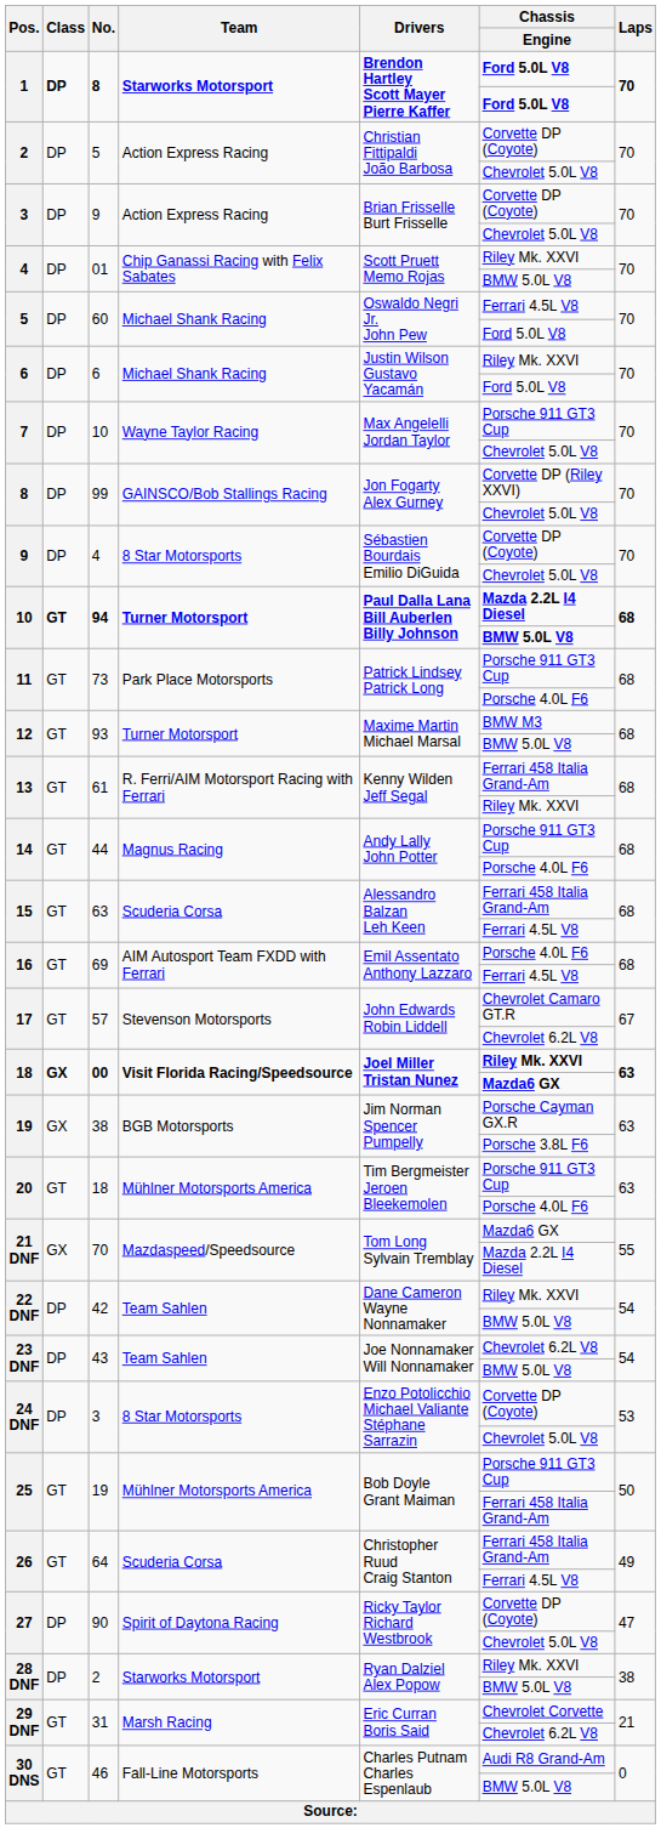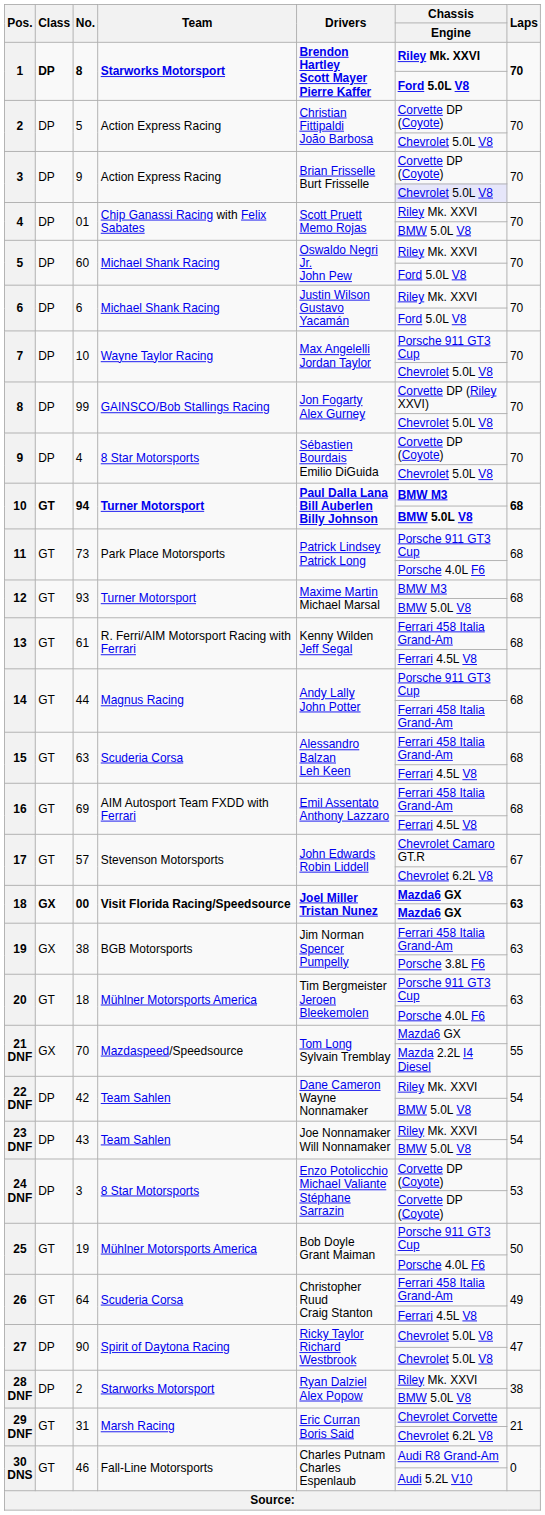 <table class="wikitable" style="font-size: 85%;">
 <tr>
 <th rowspan="2">Pos.</th>
 <th rowspan="2">Class</th>
 <th rowspan="2">No.</th>
 <th rowspan="2">Team</th>
 <th rowspan="2">Drivers</th>
 <th>Chassis</th>
 <th rowspan="2">Laps</th>
 </tr>
 <tr>
 <th>Engine</th>
 </tr>
 <tr>
 <th rowspan="2">1</th>
 <td rowspan="2"><strong>DP</strong></td>
 <td rowspan="2"><strong>8</strong></td>
 <td rowspan="2"><strong> <a href='#'>Starworks Motorsport</a></strong></td>
 <td rowspan="2"><strong> <a href='#'>Brendon Hartley</a><br> <a href='#'>Scott Mayer</a><br> <a href='#'>Pierre Kaffer</a></strong></td>
-<td><strong><a href='#'>Ford</a> 5.0L <a href='#'>V8</a></strong></td>
+<td><strong><a href='#'>Riley</a> Mk. XXVI</strong></td>
 <td rowspan="2"><strong>70</strong></td>
 </tr>
 <tr>
 <td><strong><a href='#'>Ford</a> 5.0L <a href='#'>V8</a></strong></td>
 </tr>
 <tr>
 <th rowspan="2">2</th>
 <td rowspan="2">DP</td>
 <td rowspan="2">5</td>
 <td rowspan="2"> Action Express Racing</td>
 <td rowspan="2"> <a href='#'>Christian Fittipaldi</a><br> <a href='#'>João Barbosa</a></td>
 <td><a href='#'>Corvette</a> DP (<a href='#'>Coyote</a>)</td>
 <td rowspan="2">70</td>
 </tr>
 <tr>
 <td><a href='#'>Chevrolet</a> 5.0L <a href='#'>V8</a></td>
 </tr>
 <tr>
 <th rowspan="2">3</th>
 <td rowspan="2">DP</td>
 <td rowspan="2">9</td>
 <td rowspan="2"> Action Express Racing</td>
 <td rowspan="2"> <a href='#'>Brian Frisselle</a><br> Burt Frisselle</td>
 <td><a href='#'>Corvette</a> DP (<a href='#'>Coyote</a>)</td>
 <td rowspan="2">70</td>
 </tr>
 <tr>
-<td><a href='#'>Chevrolet</a> 5.0L <a href='#'>V8</a></td>
+<td style="background: lavender;"><a href='#'>Chevrolet</a> 5.0L <a href='#'>V8</a></td>
 </tr>
 <tr>
 <th rowspan="2">4</th>
 <td rowspan="2">DP</td>
 <td rowspan="2">01</td>
 <td rowspan="2"> <a href='#'>Chip Ganassi Racing</a> with <a href='#'>Felix Sabates</a></td>
 <td rowspan="2"> <a href='#'>Scott Pruett</a><br> <a href='#'>Memo Rojas</a></td>
 <td><a href='#'>Riley</a> Mk. XXVI</td>
 <td rowspan="2">70</td>
 </tr>
 <tr>
 <td><a href='#'>BMW</a> 5.0L <a href='#'>V8</a></td>
 </tr>
 <tr>
 <th rowspan="2">5</th>
 <td rowspan="2">DP</td>
 <td rowspan="2">60</td>
 <td rowspan="2"> <a href='#'>Michael Shank Racing</a></td>
 <td rowspan="2"> <a href='#'>Oswaldo Negri Jr.</a><br> <a href='#'>John Pew</a></td>
-<td><a href='#'>Ferrari</a> 4.5L <a href='#'>V8</a></td>
+<td><a href='#'>Riley</a> Mk. XXVI</td>
 <td rowspan="2">70</td>
 </tr>
 <tr>
 <td><a href='#'>Ford</a> 5.0L <a href='#'>V8</a></td>
 </tr>
 <tr>
 <th rowspan="2">6</th>
 <td rowspan="2">DP</td>
 <td rowspan="2">6</td>
 <td rowspan="2"> <a href='#'>Michael Shank Racing</a></td>
 <td rowspan="2"> <a href='#'>Justin Wilson</a><br> <a href='#'>Gustavo Yacamán</a></td>
 <td><a href='#'>Riley</a> Mk. XXVI</td>
 <td rowspan="2">70</td>
 </tr>
 <tr>
 <td><a href='#'>Ford</a> 5.0L <a href='#'>V8</a></td>
 </tr>
 <tr>
 <th rowspan="2">7</th>
 <td rowspan="2">DP</td>
 <td rowspan="2">10</td>
 <td rowspan="2"> <a href='#'>Wayne Taylor Racing</a></td>
 <td rowspan="2"> <a href='#'>Max Angelelli</a><br> <a href='#'>Jordan Taylor</a></td>
 <td><a href='#'>Porsche 911 GT3 Cup</a></td>
 <td rowspan="2">70</td>
 </tr>
 <tr>
 <td><a href='#'>Chevrolet</a> 5.0L <a href='#'>V8</a></td>
 </tr>
 <tr>
 <th rowspan="2">8</th>
 <td rowspan="2">DP</td>
 <td rowspan="2">99</td>
 <td rowspan="2"> <a href='#'>GAINSCO/Bob Stallings Racing</a></td>
 <td rowspan="2"> <a href='#'>Jon Fogarty</a><br> <a href='#'>Alex Gurney</a></td>
 <td><a href='#'>Corvette</a> DP (<a href='#'>Riley</a> XXVI)</td>
 <td rowspan="2">70</td>
 </tr>
 <tr>
 <td><a href='#'>Chevrolet</a> 5.0L <a href='#'>V8</a></td>
 </tr>
 <tr>
 <th rowspan="2">9</th>
 <td rowspan="2">DP</td>
 <td rowspan="2">4</td>
 <td rowspan="2"> <a href='#'>8 Star Motorsports</a></td>
 <td rowspan="2"> <a href='#'>Sébastien Bourdais</a><br> Emilio DiGuida</td>
 <td><a href='#'>Corvette</a> DP (<a href='#'>Coyote</a>)</td>
 <td rowspan="2">70</td>
 </tr>
 <tr>
 <td><a href='#'>Chevrolet</a> 5.0L <a href='#'>V8</a></td>
 </tr>
 <tr>
 <th rowspan="2">10</th>
 <td rowspan="2"><strong>GT</strong></td>
 <td rowspan="2"><strong>94</strong></td>
 <td rowspan="2"><strong> <a href='#'>Turner Motorsport</a></strong></td>
 <td rowspan="2"><strong> <a href='#'>Paul Dalla Lana</a><br> <a href='#'>Bill Auberlen</a><br> <a href='#'>Billy Johnson</a></strong></td>
-<td><strong><a href='#'>Mazda</a> 2.2L <a href='#'>I4</a> <a href='#'>Diesel</a></strong></td>
+<td><strong><a href='#'>BMW M3</a></strong></td>
 <td rowspan="2"><strong>68</strong></td>
 </tr>
 <tr>
 <td><strong><a href='#'>BMW</a> 5.0L <a href='#'>V8</a></strong></td>
 </tr>
 <tr>
 <th rowspan="2">11</th>
 <td rowspan="2">GT</td>
 <td rowspan="2">73</td>
 <td rowspan="2"> Park Place Motorsports</td>
 <td rowspan="2"> <a href='#'>Patrick Lindsey</a><br> <a href='#'>Patrick Long</a></td>
 <td><a href='#'>Porsche 911 GT3 Cup</a></td>
 <td rowspan="2">68</td>
 </tr>
 <tr>
 <td><a href='#'>Porsche</a> 4.0L <a href='#'>F6</a></td>
 </tr>
 <tr>
 <th rowspan="2">12</th>
 <td rowspan="2">GT</td>
 <td rowspan="2">93</td>
 <td rowspan="2"> <a href='#'>Turner Motorsport</a></td>
 <td rowspan="2"> <a href='#'>Maxime Martin</a><br> Michael Marsal</td>
 <td><a href='#'>BMW M3</a></td>
 <td rowspan="2">68</td>
 </tr>
 <tr>
 <td><a href='#'>BMW</a> 5.0L <a href='#'>V8</a></td>
 </tr>
 <tr>
 <th rowspan="2">13</th>
 <td rowspan="2">GT</td>
 <td rowspan="2">61</td>
 <td rowspan="2"> R. Ferri/AIM Motorsport Racing with <a href='#'>Ferrari</a></td>
 <td rowspan="2"> Kenny Wilden<br> <a href='#'>Jeff Segal</a></td>
 <td><a href='#'>Ferrari 458 Italia Grand-Am</a></td>
 <td rowspan="2">68</td>
 </tr>
 <tr>
-<td><a href='#'>Riley</a> Mk. XXVI</td>
+<td><a href='#'>Ferrari</a> 4.5L <a href='#'>V8</a></td>
 </tr>
 <tr>
 <th rowspan="2">14</th>
 <td rowspan="2">GT</td>
 <td rowspan="2">44</td>
 <td rowspan="2"> <a href='#'>Magnus Racing</a></td>
 <td rowspan="2"> <a href='#'>Andy Lally</a><br> <a href='#'>John Potter</a></td>
 <td><a href='#'>Porsche 911 GT3 Cup</a></td>
 <td rowspan="2">68</td>
 </tr>
 <tr>
-<td><a href='#'>Porsche</a> 4.0L <a href='#'>F6</a></td>
+<td><a href='#'>Ferrari 458 Italia Grand-Am</a></td>
 </tr>
 <tr>
 <th rowspan="2">15</th>
 <td rowspan="2">GT</td>
 <td rowspan="2">63</td>
 <td rowspan="2"> <a href='#'>Scuderia Corsa</a></td>
 <td rowspan="2"> <a href='#'>Alessandro Balzan</a><br> <a href='#'>Leh Keen</a></td>
 <td><a href='#'>Ferrari 458 Italia Grand-Am</a></td>
 <td rowspan="2">68</td>
 </tr>
 <tr>
 <td><a href='#'>Ferrari</a> 4.5L <a href='#'>V8</a></td>
 </tr>
 <tr>
 <th rowspan="2">16</th>
 <td rowspan="2">GT</td>
 <td rowspan="2">69</td>
 <td rowspan="2"> AIM Autosport Team FXDD with <a href='#'>Ferrari</a></td>
 <td rowspan="2"> <a href='#'>Emil Assentato</a><br> <a href='#'>Anthony Lazzaro</a></td>
-<td><a href='#'>Porsche</a> 4.0L <a href='#'>F6</a></td>
+<td><a href='#'>Ferrari 458 Italia Grand-Am</a></td>
 <td rowspan="2">68</td>
 </tr>
 <tr>
 <td><a href='#'>Ferrari</a> 4.5L <a href='#'>V8</a></td>
 </tr>
 <tr>
 <th rowspan="2">17</th>
 <td rowspan="2">GT</td>
 <td rowspan="2">57</td>
 <td rowspan="2"> Stevenson Motorsports</td>
 <td rowspan="2"> <a href='#'>John Edwards</a><br> <a href='#'>Robin Liddell</a></td>
 <td><a href='#'>Chevrolet Camaro</a> GT.R</td>
 <td rowspan="2">67</td>
 </tr>
 <tr>
 <td><a href='#'>Chevrolet</a> 6.2L <a href='#'>V8</a></td>
 </tr>
 <tr>
 <th rowspan="2">18</th>
 <td rowspan="2"><strong>GX</strong></td>
 <td rowspan="2"><strong>00</strong></td>
 <td rowspan="2"><strong> Visit Florida Racing/Speedsource</strong></td>
 <td rowspan="2"><strong> <a href='#'>Joel Miller</a><br> <a href='#'>Tristan Nunez</a></strong></td>
-<td><strong><a href='#'>Riley</a> Mk. XXVI</strong></td>
+<td><strong><a href='#'>Mazda6</a> GX</strong></td>
 <td rowspan="2"><strong>63</strong></td>
 </tr>
 <tr>
 <td><strong><a href='#'>Mazda6</a> GX</strong></td>
 </tr>
 <tr>
 <th rowspan="2">19</th>
 <td rowspan="2">GX</td>
 <td rowspan="2">38</td>
 <td rowspan="2"> BGB Motorsports</td>
 <td rowspan="2"> Jim Norman<br> <a href='#'>Spencer Pumpelly</a></td>
-<td><a href='#'>Porsche Cayman</a> GX.R</td>
+<td><a href='#'>Ferrari 458 Italia Grand-Am</a></td>
 <td rowspan="2">63</td>
 </tr>
 <tr>
 <td><a href='#'>Porsche</a> 3.8L <a href='#'>F6</a></td>
 </tr>
 <tr>
 <th rowspan="2">20</th>
 <td rowspan="2">GT</td>
 <td rowspan="2">18</td>
 <td rowspan="2"> <a href='#'>Mühlner Motorsports America</a></td>
 <td rowspan="2"> Tim Bergmeister<br> <a href='#'>Jeroen Bleekemolen</a></td>
 <td><a href='#'>Porsche 911 GT3 Cup</a></td>
 <td rowspan="2">63</td>
 </tr>
 <tr>
 <td><a href='#'>Porsche</a> 4.0L <a href='#'>F6</a></td>
 </tr>
 <tr>
 <th rowspan="2">21<br>DNF</th>
 <td rowspan="2">GX</td>
 <td rowspan="2">70</td>
 <td rowspan="2"> <a href='#'>Mazdaspeed</a>/Speedsource</td>
 <td rowspan="2"> <a href='#'>Tom Long</a><br> Sylvain Tremblay</td>
 <td><a href='#'>Mazda6</a> GX</td>
 <td rowspan="2">55</td>
 </tr>
 <tr>
 <td><a href='#'>Mazda</a> 2.2L <a href='#'>I4</a> <a href='#'>Diesel</a></td>
 </tr>
 <tr>
 <th rowspan="2">22<br>DNF</th>
 <td rowspan="2">DP</td>
 <td rowspan="2">42</td>
 <td rowspan="2"> <a href='#'>Team Sahlen</a></td>
 <td rowspan="2"> <a href='#'>Dane Cameron</a><br> Wayne Nonnamaker</td>
 <td><a href='#'>Riley</a> Mk. XXVI</td>
 <td rowspan="2">54</td>
 </tr>
 <tr>
 <td><a href='#'>BMW</a> 5.0L <a href='#'>V8</a></td>
 </tr>
 <tr>
 <th rowspan="2">23<br>DNF</th>
 <td rowspan="2">DP</td>
 <td rowspan="2">43</td>
 <td rowspan="2"> <a href='#'>Team Sahlen</a></td>
 <td rowspan="2"> Joe Nonnamaker<br> Will Nonnamaker</td>
-<td><a href='#'>Chevrolet</a> 6.2L <a href='#'>V8</a></td>
+<td><a href='#'>Riley</a> Mk. XXVI</td>
 <td rowspan="2">54</td>
 </tr>
 <tr>
 <td><a href='#'>BMW</a> 5.0L <a href='#'>V8</a></td>
 </tr>
 <tr>
 <th rowspan="2">24<br>DNF</th>
 <td rowspan="2">DP</td>
 <td rowspan="2">3</td>
 <td rowspan="2"> <a href='#'>8 Star Motorsports</a></td>
 <td rowspan="2"> <a href='#'>Enzo Potolicchio</a><br> <a href='#'>Michael Valiante</a><br> <a href='#'>Stéphane Sarrazin</a></td>
 <td><a href='#'>Corvette</a> DP (<a href='#'>Coyote</a>)</td>
 <td rowspan="2">53</td>
 </tr>
 <tr>
-<td><a href='#'>Chevrolet</a> 5.0L <a href='#'>V8</a></td>
+<td><a href='#'>Corvette</a> DP (<a href='#'>Coyote</a>)</td>
 </tr>
 <tr>
 <th rowspan="2">25</th>
 <td rowspan="2">GT</td>
 <td rowspan="2">19</td>
 <td rowspan="2"> <a href='#'>Mühlner Motorsports America</a></td>
 <td rowspan="2"> Bob Doyle<br> Grant Maiman</td>
 <td><a href='#'>Porsche 911 GT3 Cup</a></td>
 <td rowspan="2">50</td>
 </tr>
 <tr>
-<td><a href='#'>Ferrari 458 Italia Grand-Am</a></td>
+<td><a href='#'>Porsche</a> 4.0L <a href='#'>F6</a></td>
 </tr>
 <tr>
 <th rowspan="2">26</th>
 <td rowspan="2">GT</td>
 <td rowspan="2">64</td>
 <td rowspan="2"> <a href='#'>Scuderia Corsa</a></td>
 <td rowspan="2"> Christopher Ruud<br> Craig Stanton</td>
 <td><a href='#'>Ferrari 458 Italia Grand-Am</a></td>
 <td rowspan="2">49</td>
 </tr>
 <tr>
 <td><a href='#'>Ferrari</a> 4.5L <a href='#'>V8</a></td>
 </tr>
 <tr>
 <th rowspan="2">27</th>
 <td rowspan="2">DP</td>
 <td rowspan="2">90</td>
 <td rowspan="2"> <a href='#'>Spirit of Daytona Racing</a></td>
 <td rowspan="2"> <a href='#'>Ricky Taylor</a><br> <a href='#'>Richard Westbrook</a></td>
-<td><a href='#'>Corvette</a> DP (<a href='#'>Coyote</a>)</td>
+<td><a href='#'>Chevrolet</a> 5.0L <a href='#'>V8</a></td>
 <td rowspan="2">47</td>
 </tr>
 <tr>
 <td><a href='#'>Chevrolet</a> 5.0L <a href='#'>V8</a></td>
 </tr>
 <tr>
 <th rowspan="2">28<br>DNF</th>
 <td rowspan="2">DP</td>
 <td rowspan="2">2</td>
 <td rowspan="2"> <a href='#'>Starworks Motorsport</a></td>
 <td rowspan="2"> <a href='#'>Ryan Dalziel</a><br> <a href='#'>Alex Popow</a></td>
 <td><a href='#'>Riley</a> Mk. XXVI</td>
 <td rowspan="2">38</td>
 </tr>
 <tr>
 <td><a href='#'>BMW</a> 5.0L <a href='#'>V8</a></td>
 </tr>
 <tr>
 <th rowspan="2">29<br>DNF</th>
 <td rowspan="2">GT</td>
 <td rowspan="2">31</td>
 <td rowspan="2"> <a href='#'>Marsh Racing</a></td>
 <td rowspan="2"> <a href='#'>Eric Curran</a><br> <a href='#'>Boris Said</a></td>
 <td><a href='#'>Chevrolet Corvette</a></td>
 <td rowspan="2">21</td>
 </tr>
 <tr>
 <td><a href='#'>Chevrolet</a> 6.2L <a href='#'>V8</a></td>
 </tr>
 <tr>
 <th rowspan="2">30<br>DNS</th>
 <td rowspan="2">GT</td>
 <td rowspan="2">46</td>
 <td rowspan="2"> Fall-Line Motorsports</td>
 <td rowspan="2"> Charles Putnam<br> Charles Espenlaub</td>
 <td><a href='#'>Audi R8 Grand-Am</a></td>
 <td rowspan="2">0</td>
 </tr>
 <tr>
-<td><a href='#'>BMW</a> 5.0L <a href='#'>V8</a></td>
+<td><a href='#'>Audi</a> 5.2L <a href='#'>V10</a></td>
 </tr>
 <tr>
 <th colspan="7">Source:</th>
 </tr>
 </table>
